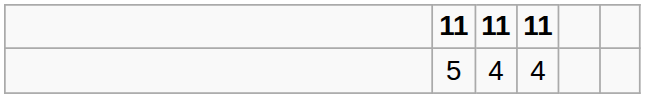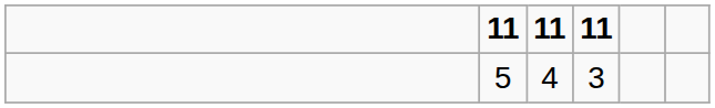 <table class="wikitable">
 <tr>
 <td style="width:15em"></td>
 <td align=center style="width:1em"><strong>11</strong></td>
 <td align=center style="width:1em"><strong>11</strong></td>
 <td align=center style="width:1em"><strong>11</strong></td>
 <td align=center style="width:1em"></td>
 <td align=center style="width:1em"></td>
 </tr>
 <tr>
 <td style="width:15em"></td>
 <td align=center style="width:1em">5</td>
 <td align=center style="width:1em">4</td>
-<td align=center style="width:1em">4</td>
+<td align=center style="width:1em">3</td>
 <td align=center style="width:1em"></td>
 <td align=center style="width:1em"></td>
 </tr>
 </table>
